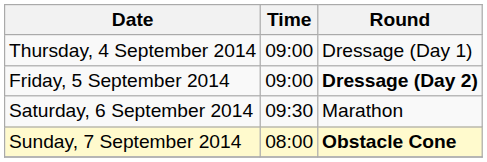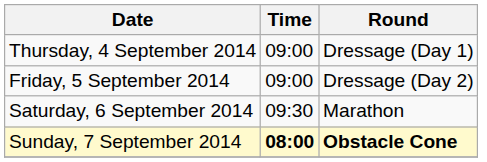 <table class="wikitable">
 <tr>
 <th>Date</th>
 <th>Time</th>
 <th>Round</th>
 </tr>
 <tr>
 <td>Thursday, 4 September 2014</td>
 <td>09:00</td>
 <td>Dressage (Day 1)</td>
 </tr>
 <tr>
 <td>Friday, 5 September 2014</td>
 <td>09:00</td>
-<td><strong>Dressage (Day 2)</strong></td>
+<td>Dressage (Day 2)</td>
 </tr>
 <tr>
 <td>Saturday, 6 September 2014</td>
 <td>09:30</td>
 <td>Marathon</td>
 </tr>
 <tr>
 <td style=background:lemonchiffon>Sunday, 7 September 2014</td>
-<td style=background:lemonchiffon>08:00</td>
+<td style=background:lemonchiffon><strong>08:00</strong></td>
 <td style=background:lemonchiffon><strong>Obstacle Cone</strong></td>
 </tr>
 <tr>
 </tr>
 </table>
